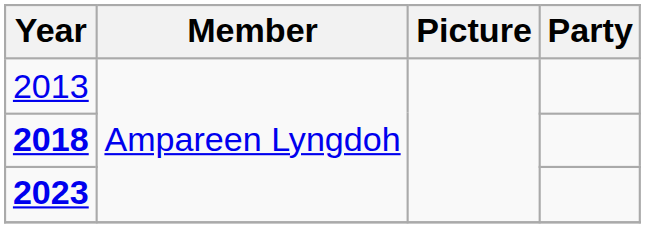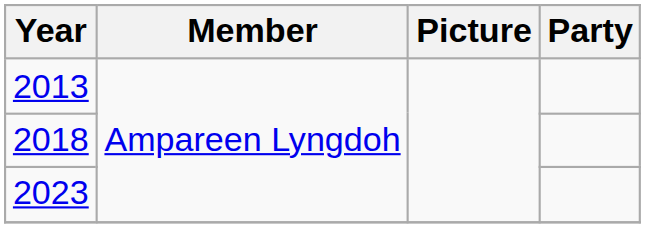 <table class="wikitable sortable">
 <tr>
 <th>Year</th>
 <th>Member</th>
 <th>Picture</th>
 <th colspan="2">Party</th>
 </tr>
 <tr>
 <td><a href='#'>2013</a></td>
 <td rowspan=3><a href='#'>Ampareen Lyngdoh</a></td>
 <td rowspan=3></td>
 <td></td>
 </tr>
 <tr>
-<td><strong><a href='#'>2018</a></strong></td>
+<td><a href='#'>2018</a></td>
 </tr>
 <tr>
-<td><strong><a href='#'>2023</a></strong></td>
+<td><a href='#'>2023</a></td>
 <td></td>
 </tr>
 <tr>
 </tr>
 </table>
